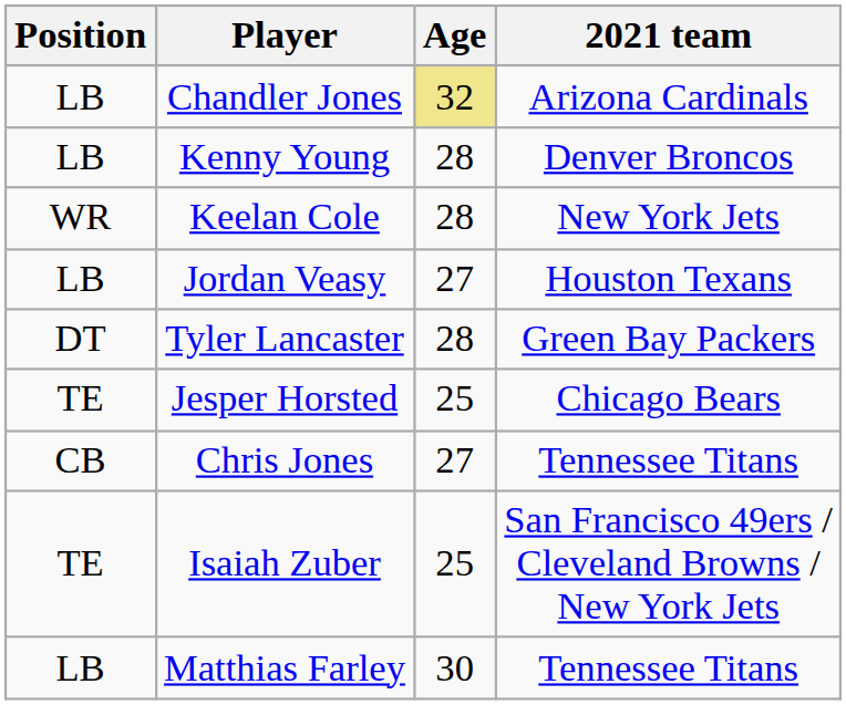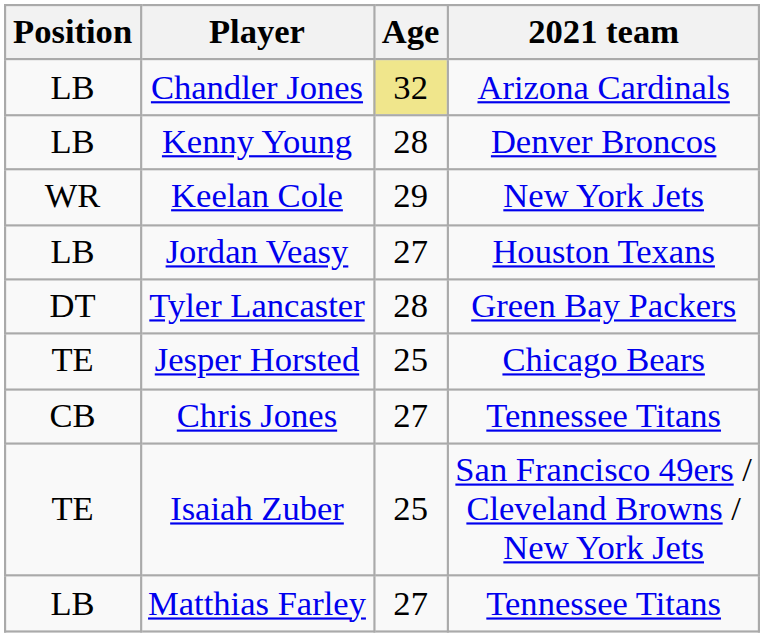 <table class="wikitable" style="text-align:center">
 <tr>
 <th>Position</th>
 <th>Player</th>
 <th>Age</th>
 <th>2021 team</th>
 </tr>
 <tr>
 <td>LB</td>
 <td><a href='#'>Chandler Jones</a></td>
 <td style="background: khaki;">32</td>
 <td><a href='#'>Arizona Cardinals</a></td>
 </tr>
 <tr>
 <td>LB</td>
 <td><a href='#'>Kenny Young</a></td>
 <td>28</td>
 <td><a href='#'>Denver Broncos</a></td>
 </tr>
 <tr>
 <td>WR</td>
 <td><a href='#'>Keelan Cole</a></td>
-<td>28</td>
+<td>29</td>
 <td><a href='#'>New York Jets</a></td>
 </tr>
 <tr>
 <td>LB</td>
 <td><a href='#'>Jordan Veasy</a></td>
 <td>27</td>
 <td><a href='#'>Houston Texans</a></td>
 </tr>
 <tr>
 <td>DT</td>
 <td><a href='#'>Tyler Lancaster</a></td>
 <td>28</td>
 <td><a href='#'>Green Bay Packers</a></td>
 </tr>
 <tr>
 <td>TE</td>
 <td><a href='#'>Jesper Horsted</a></td>
 <td>25</td>
 <td><a href='#'>Chicago Bears</a></td>
 </tr>
 <tr>
 <td>CB</td>
 <td><a href='#'>Chris Jones</a></td>
 <td>27</td>
 <td><a href='#'>Tennessee Titans</a></td>
 </tr>
 <tr>
 <td>TE</td>
 <td><a href='#'>Isaiah Zuber</a></td>
 <td>25</td>
 <td><a href='#'>San Francisco 49ers</a> / <br><a href='#'>Cleveland Browns</a> / <br><a href='#'>New York Jets</a></td>
 </tr>
 <tr>
 <td>LB</td>
 <td><a href='#'>Matthias Farley</a></td>
-<td>30</td>
+<td>27</td>
 <td><a href='#'>Tennessee Titans</a></td>
 </tr>
 </table>
